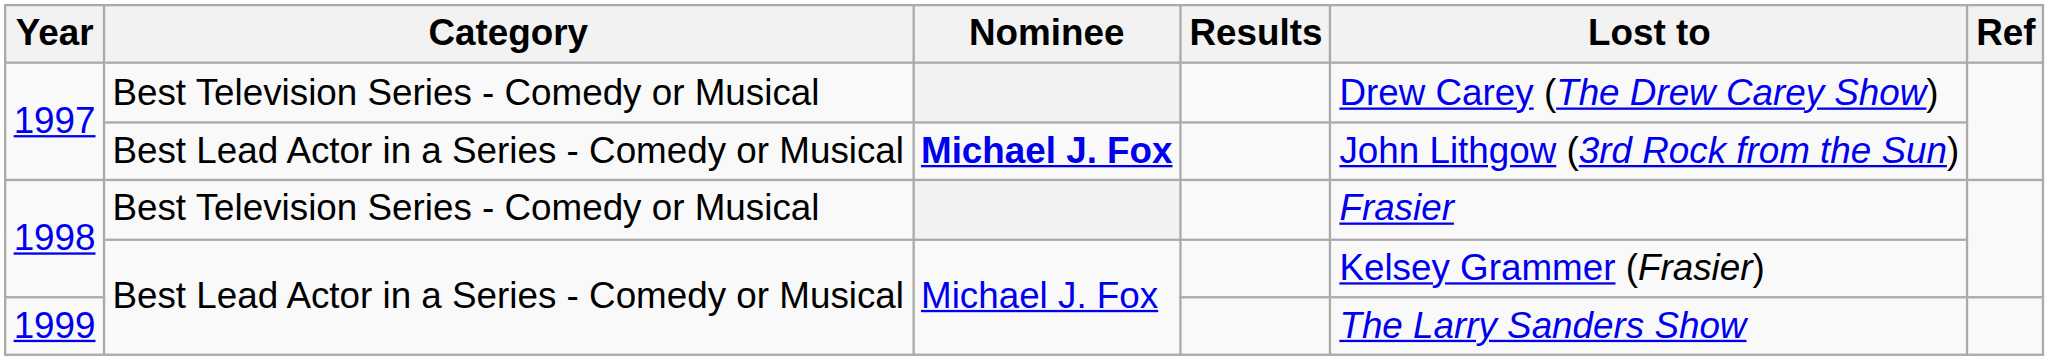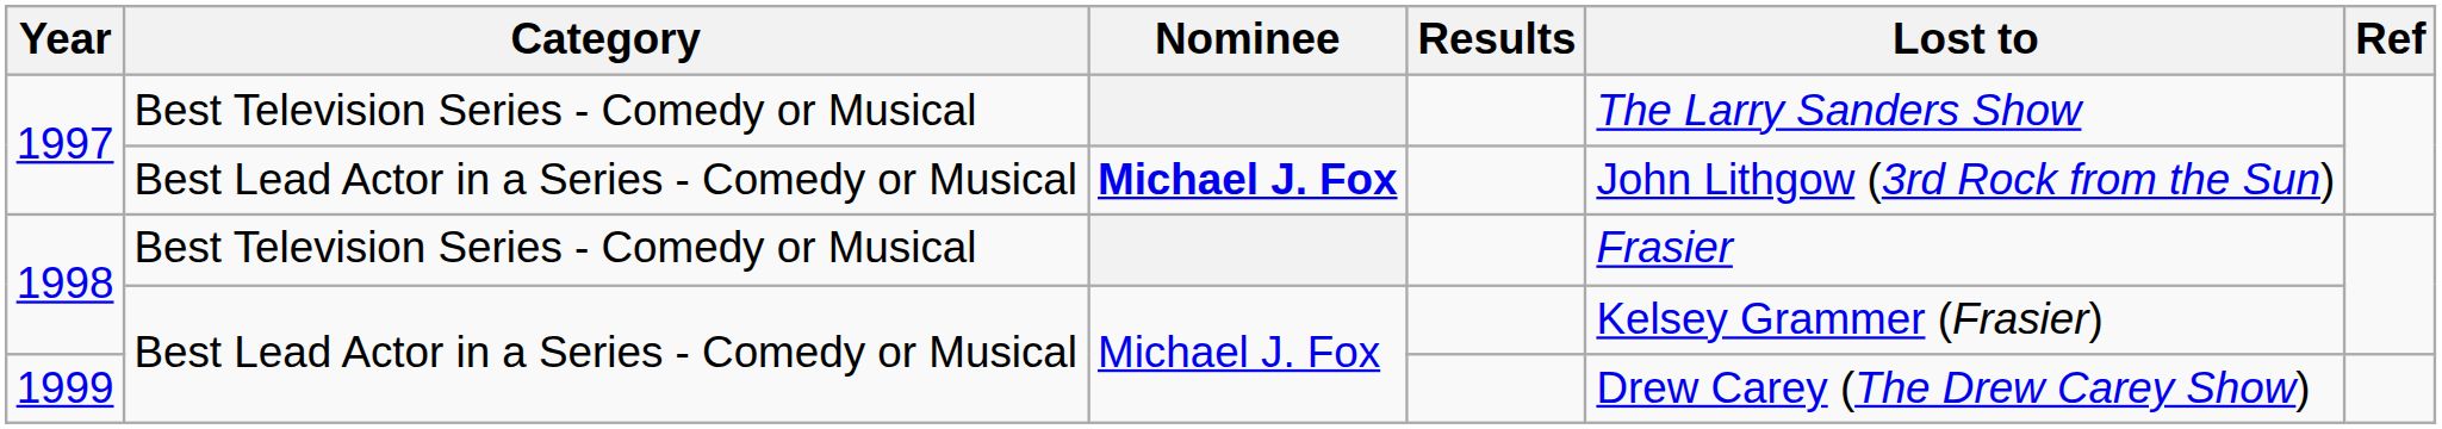 <table class="wikitable">
 <tr>
 <th>Year</th>
 <th>Category</th>
 <th>Nominee</th>
 <th>Results</th>
 <th>Lost to</th>
 <th>Ref</th>
 </tr>
 <tr>
 <td rowspan="2"><a href='#'>1997</a></td>
 <td>Best Television Series - Comedy or Musical</td>
 <th></th>
 <td></td>
-<td><a href='#'>Drew Carey</a> (<em><a href='#'>The Drew Carey Show</a></em>)</td>
+<td><em><a href='#'>The Larry Sanders Show</a></em></td>
 <td rowspan="2"></td>
 </tr>
 <tr>
 <td>Best Lead Actor in a Series - Comedy or Musical</td>
 <td><strong><a href='#'>Michael J. Fox</a></strong></td>
 <td></td>
 <td><a href='#'>John Lithgow</a> (<em><a href='#'>3rd Rock from the Sun</a></em>)</td>
 </tr>
 <tr>
 <td rowspan="2"><a href='#'>1998</a></td>
 <td>Best Television Series - Comedy or Musical</td>
 <th></th>
 <td></td>
 <td><em><a href='#'>Frasier</a></em></td>
 <td rowspan="2"></td>
 </tr>
 <tr>
 <td rowspan="2">Best Lead Actor in a Series - Comedy or Musical</td>
 <td rowspan="2"><a href='#'>Michael J. Fox</a></td>
 <td></td>
 <td><a href='#'>Kelsey Grammer</a> (<em>Frasier</em>)</td>
 </tr>
 <tr>
 <td><a href='#'>1999</a></td>
 <td></td>
-<td><em><a href='#'>The Larry Sanders Show</a></em></td>
+<td><a href='#'>Drew Carey</a> (<em><a href='#'>The Drew Carey Show</a></em>)</td>
 <td></td>
 </tr>
 </table>
